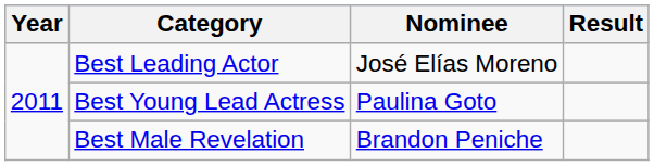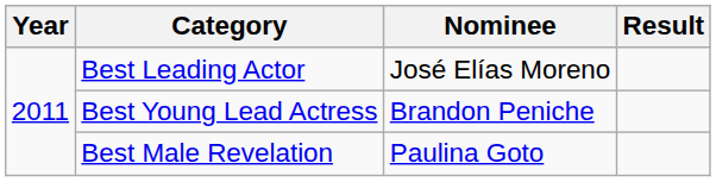 <table class="wikitable">
 <tr style="background:#b0c4de;">
 <th>Year</th>
 <th>Category</th>
 <th>Nominee</th>
 <th>Result</th>
 </tr>
 <tr>
 <td rowspan=4><a href='#'>2011</a></td>
 <td><a href='#'>Best Leading Actor</a></td>
 <td>José Elías Moreno</td>
 <td></td>
 </tr>
 <tr>
 <td><a href='#'>Best Young Lead Actress</a></td>
-<td><a href='#'>Paulina Goto</a></td>
+<td><a href='#'>Brandon Peniche</a></td>
 <td></td>
 </tr>
 <tr>
 <td><a href='#'>Best Male Revelation</a></td>
-<td><a href='#'>Brandon Peniche</a></td>
+<td><a href='#'>Paulina Goto</a></td>
 <td></td>
 </tr>
 </table>
